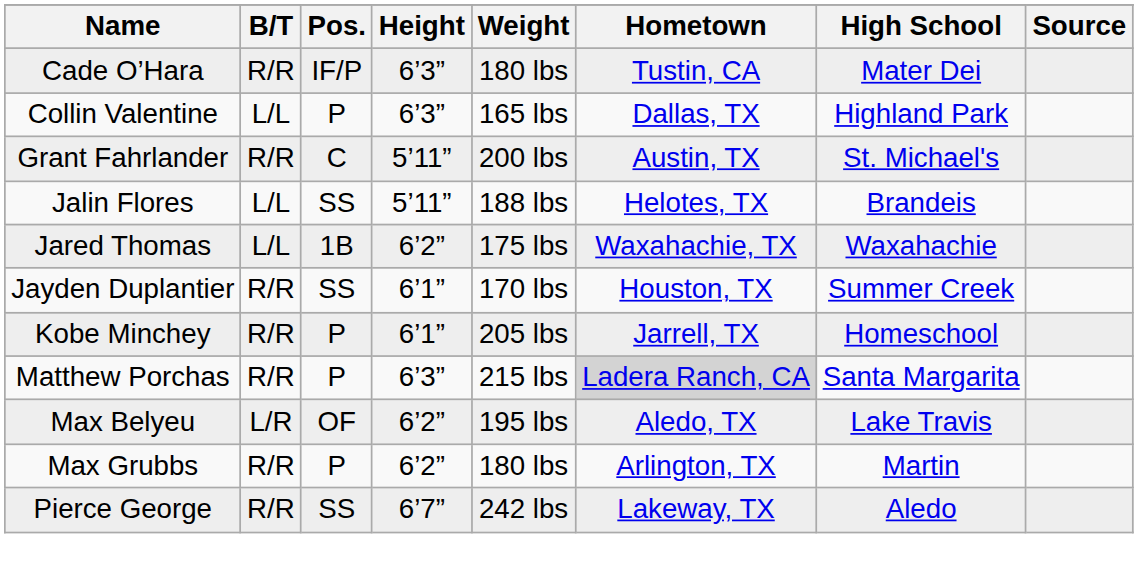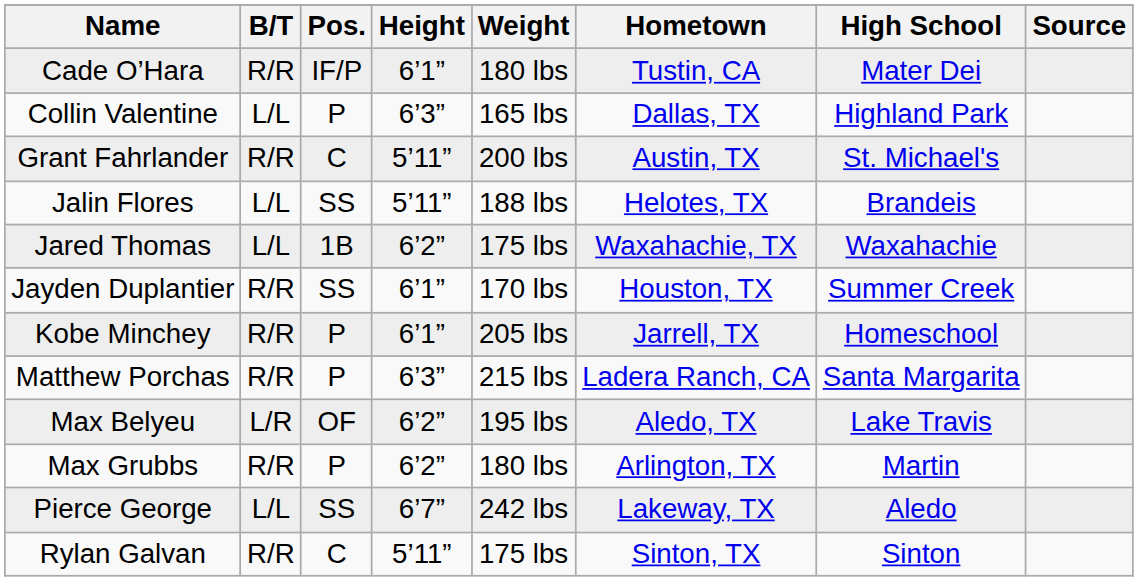 <table class="wikitable sortable collapsible">
 <tr>
 </tr>
 <tr>
 <th style="text-align:center; ">Name</th>
 <th style="text-align:center; ">B/T</th>
 <th style="text-align:center; ">Pos.</th>
 <th style="text-align:center; ">Height</th>
 <th style="text-align:center; ">Weight</th>
 <th style="text-align:center; ">Hometown</th>
 <th style="text-align:center; ">High School</th>
 <th style="text-align:center; ">Source</th>
 </tr>
 <tr align="center"style="background:#eeeeee;">
 <td>Cade O’Hara</td>
 <td>R/R</td>
 <td>IF/P</td>
-<td>6’3”</td>
+<td>6’1”</td>
 <td>180 lbs</td>
 <td><a href='#'>Tustin, CA</a></td>
 <td><a href='#'>Mater Dei</a></td>
 <td></td>
 </tr>
 <tr align="center">
 <td>Collin Valentine</td>
 <td>L/L</td>
 <td>P</td>
 <td>6’3”</td>
 <td>165 lbs</td>
 <td><a href='#'>Dallas, TX</a></td>
 <td><a href='#'>Highland Park</a></td>
 <td></td>
 </tr>
 <tr align="center"style="background:#eeeeee;">
 <td>Grant Fahrlander</td>
 <td>R/R</td>
 <td>C</td>
 <td>5’11”</td>
 <td>200 lbs</td>
 <td><a href='#'>Austin, TX</a></td>
 <td><a href='#'>St. Michael's</a></td>
 <td></td>
 </tr>
 <tr align="center">
 <td>Jalin Flores</td>
 <td>L/L</td>
 <td>SS</td>
 <td>5’11”</td>
 <td>188 lbs</td>
 <td><a href='#'>Helotes, TX</a></td>
 <td><a href='#'>Brandeis</a></td>
 <td></td>
 </tr>
 <tr align="center"style="background:#eeeeee;">
 <td>Jared Thomas</td>
 <td>L/L</td>
 <td>1B</td>
 <td>6’2”</td>
 <td>175 lbs</td>
 <td><a href='#'>Waxahachie, TX</a></td>
 <td><a href='#'>Waxahachie</a></td>
 <td></td>
 </tr>
 <tr align="center">
 <td>Jayden Duplantier</td>
 <td>R/R</td>
 <td>SS</td>
 <td>6’1”</td>
 <td>170 lbs</td>
 <td><a href='#'>Houston, TX</a></td>
 <td><a href='#'>Summer Creek</a></td>
 <td></td>
 </tr>
 <tr align="center"style="background:#eeeeee;">
 <td>Kobe Minchey</td>
 <td>R/R</td>
 <td>P</td>
 <td>6’1”</td>
 <td>205 lbs</td>
 <td><a href='#'>Jarrell, TX</a></td>
 <td><a href='#'>Homeschool</a></td>
 <td></td>
 </tr>
 <tr align="center">
 <td>Matthew Porchas</td>
 <td>R/R</td>
 <td>P</td>
 <td>6’3”</td>
 <td>215 lbs</td>
-<td style="background: lightgrey;"><a href='#'>Ladera Ranch, CA</a></td>
+<td><a href='#'>Ladera Ranch, CA</a></td>
 <td><a href='#'>Santa Margarita</a></td>
 <td></td>
 </tr>
 <tr align="center"style="background:#eeeeee;">
 <td>Max Belyeu</td>
 <td>L/R</td>
 <td>OF</td>
 <td>6’2”</td>
 <td>195 lbs</td>
 <td><a href='#'>Aledo, TX</a></td>
 <td><a href='#'>Lake Travis</a></td>
 <td></td>
 </tr>
 <tr align="center">
 <td>Max Grubbs</td>
 <td>R/R</td>
 <td>P</td>
 <td>6’2”</td>
 <td>180 lbs</td>
 <td><a href='#'>Arlington, TX</a></td>
 <td><a href='#'>Martin</a></td>
 <td></td>
 </tr>
 <tr align="center"style="background:#eeeeee;">
 <td>Pierce George</td>
-<td>R/R</td>
+<td>L/L</td>
 <td>SS</td>
 <td>6’7”</td>
 <td>242 lbs</td>
 <td><a href='#'>Lakeway, TX</a></td>
 <td><a href='#'>Aledo</a></td>
 <td></td>
 </tr>
+<tr align="center">
+<td>Rylan Galvan</td>
+<td>R/R</td>
+<td>C</td>
+<td>5’11”</td>
+<td>175 lbs</td>
+<td><a href='#'>Sinton, TX</a></td>
+<td><a href='#'>Sinton</a></td>
+<td></td>
+</tr>
 </table>
